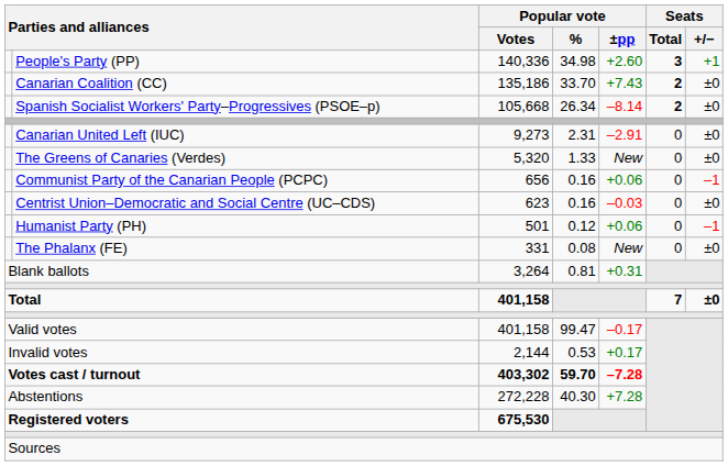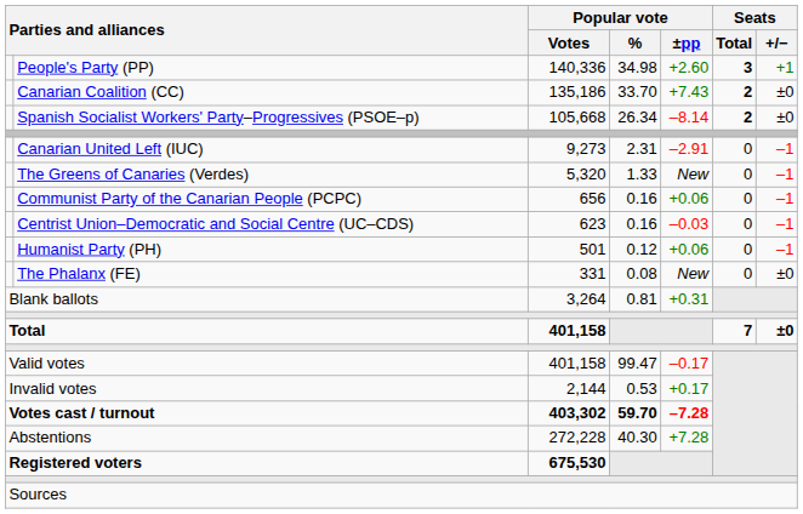 <table class="wikitable" style="text-align:right;">
 <tr>
 <th style="text-align:left;" rowspan="2" colspan="2" width="525">Parties and alliances</th>
 <th colspan="3">Popular vote</th>
 <th colspan="2">Seats</th>
 </tr>
 <tr>
 <th width="75">Votes</th>
 <th width="45">%</th>
 <th width="45">±<a href='#'>pp</a></th>
 <th width="35">Total</th>
 <th width="35">+/−</th>
 </tr>
 <tr>
 <td width="1" style="color:inherit;background:"></td>
 <td align="left"><a href='#'>People's Party</a> (PP)</td>
 <td>140,336</td>
 <td>34.98</td>
 <td style="color:green;">+2.60</td>
 <td><strong>3</strong></td>
 <td style="color:green;">+1</td>
 </tr>
 <tr>
 <td style="color:inherit;background:"></td>
 <td align="left"><a href='#'>Canarian Coalition</a> (CC)</td>
 <td>135,186</td>
 <td>33.70</td>
 <td style="color:green;">+7.43</td>
 <td><strong>2</strong></td>
 <td>±0</td>
 </tr>
 <tr>
 <td style="color:inherit;background:"></td>
 <td align="left"><a href='#'>Spanish Socialist Workers' Party</a>–<a href='#'>Progressives</a> (PSOE–p)</td>
 <td>105,668</td>
 <td>26.34</td>
 <td style="color:red;">–8.14</td>
 <td><strong>2</strong></td>
 <td>±0</td>
 </tr>
 <tr>
 <td colspan="7" bgcolor="#C0C0C0"></td>
 </tr>
 <tr>
 <td style="color:inherit;background:"></td>
 <td align="left"><a href='#'>Canarian United Left</a> (IUC)</td>
 <td>9,273</td>
 <td>2.31</td>
 <td style="color:red;">–2.91</td>
 <td>0</td>
-<td>±0</td>
+<td style="color:red;">–1</td>
 </tr>
 <tr>
 <td style="color:inherit;background:"></td>
 <td align="left"><a href='#'>The Greens of Canaries</a> (Verdes)</td>
 <td>5,320</td>
 <td>1.33</td>
 <td><em>New</em></td>
 <td>0</td>
-<td>±0</td>
+<td style="color:red;">–1</td>
 </tr>
 <tr>
 <td style="color:inherit;background:"></td>
 <td align="left"><a href='#'>Communist Party of the Canarian People</a> (PCPC)</td>
 <td>656</td>
 <td>0.16</td>
 <td style="color:green;">+0.06</td>
 <td>0</td>
 <td style="color:red;">–1</td>
 </tr>
 <tr>
 <td style="color:inherit;background:"></td>
 <td align="left"><a href='#'>Centrist Union–Democratic and Social Centre</a> (UC–CDS)</td>
 <td>623</td>
 <td>0.16</td>
 <td style="color:red;">–0.03</td>
 <td>0</td>
-<td>±0</td>
+<td style="color:red;">–1</td>
 </tr>
 <tr>
 <td style="color:inherit;background:"></td>
 <td align="left"><a href='#'>Humanist Party</a> (PH)</td>
 <td>501</td>
 <td>0.12</td>
 <td style="color:green;">+0.06</td>
 <td>0</td>
 <td style="color:red;">–1</td>
 </tr>
 <tr>
 <td style="color:inherit;background:"></td>
 <td align="left"><a href='#'>The Phalanx</a> (FE)</td>
 <td>331</td>
 <td>0.08</td>
 <td><em>New</em></td>
 <td>0</td>
 <td>±0</td>
 </tr>
 <tr>
 <td align="left" colspan="2">Blank ballots</td>
 <td>3,264</td>
 <td>0.81</td>
 <td style="color:green;">+0.31</td>
 <td bgcolor="#E9E9E9" colspan="2"></td>
 </tr>
 <tr>
 <td colspan="7" bgcolor="#E9E9E9"></td>
 </tr>
 <tr style="font-weight:bold;">
 <td align="left" colspan="2">Total</td>
 <td>401,158</td>
 <td bgcolor="#E9E9E9" colspan="2"></td>
 <td>7</td>
 <td>±0</td>
 </tr>
 <tr>
 <td colspan="7" bgcolor="#E9E9E9"></td>
 </tr>
 <tr>
 <td align="left" colspan="2">Valid votes</td>
 <td>401,158</td>
 <td>99.47</td>
 <td style="color:red;">–0.17</td>
 <td bgcolor="#E9E9E9" colspan="2" rowspan="5"></td>
 </tr>
 <tr>
 <td align="left" colspan="2">Invalid votes</td>
 <td>2,144</td>
 <td>0.53</td>
 <td style="color:green;">+0.17</td>
 </tr>
 <tr style="font-weight:bold;">
 <td align="left" colspan="2">Votes cast / turnout</td>
 <td>403,302</td>
 <td>59.70</td>
 <td style="color:red;">–7.28</td>
 </tr>
 <tr>
 <td align="left" colspan="2">Abstentions</td>
 <td>272,228</td>
 <td>40.30</td>
 <td style="color:green;">+7.28</td>
 </tr>
 <tr style="font-weight:bold;">
 <td align="left" colspan="2">Registered voters</td>
 <td>675,530</td>
 <td bgcolor="#E9E9E9" colspan="2"></td>
 </tr>
 <tr>
 <td colspan="7" bgcolor="#E9E9E9"></td>
 </tr>
 <tr>
 <td align="left" colspan="7">Sources</td>
 </tr>
 </table>
